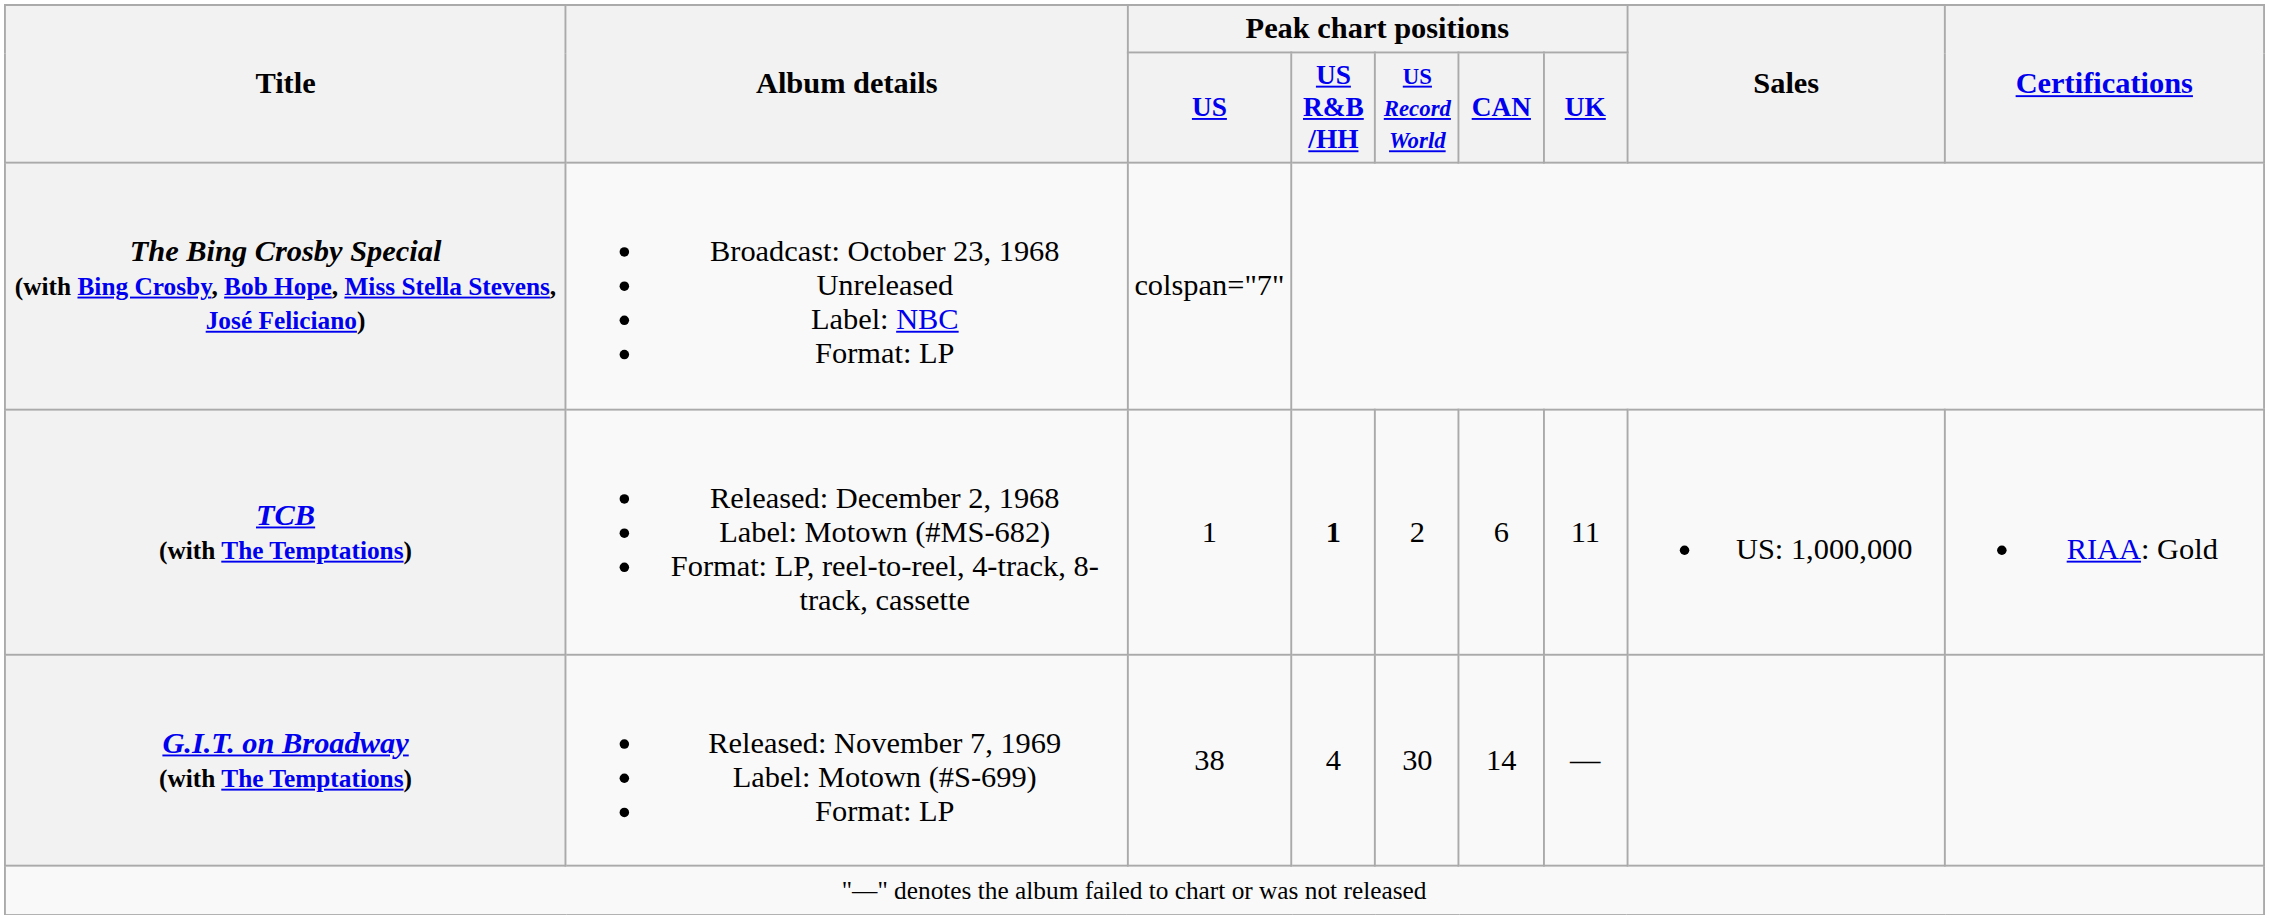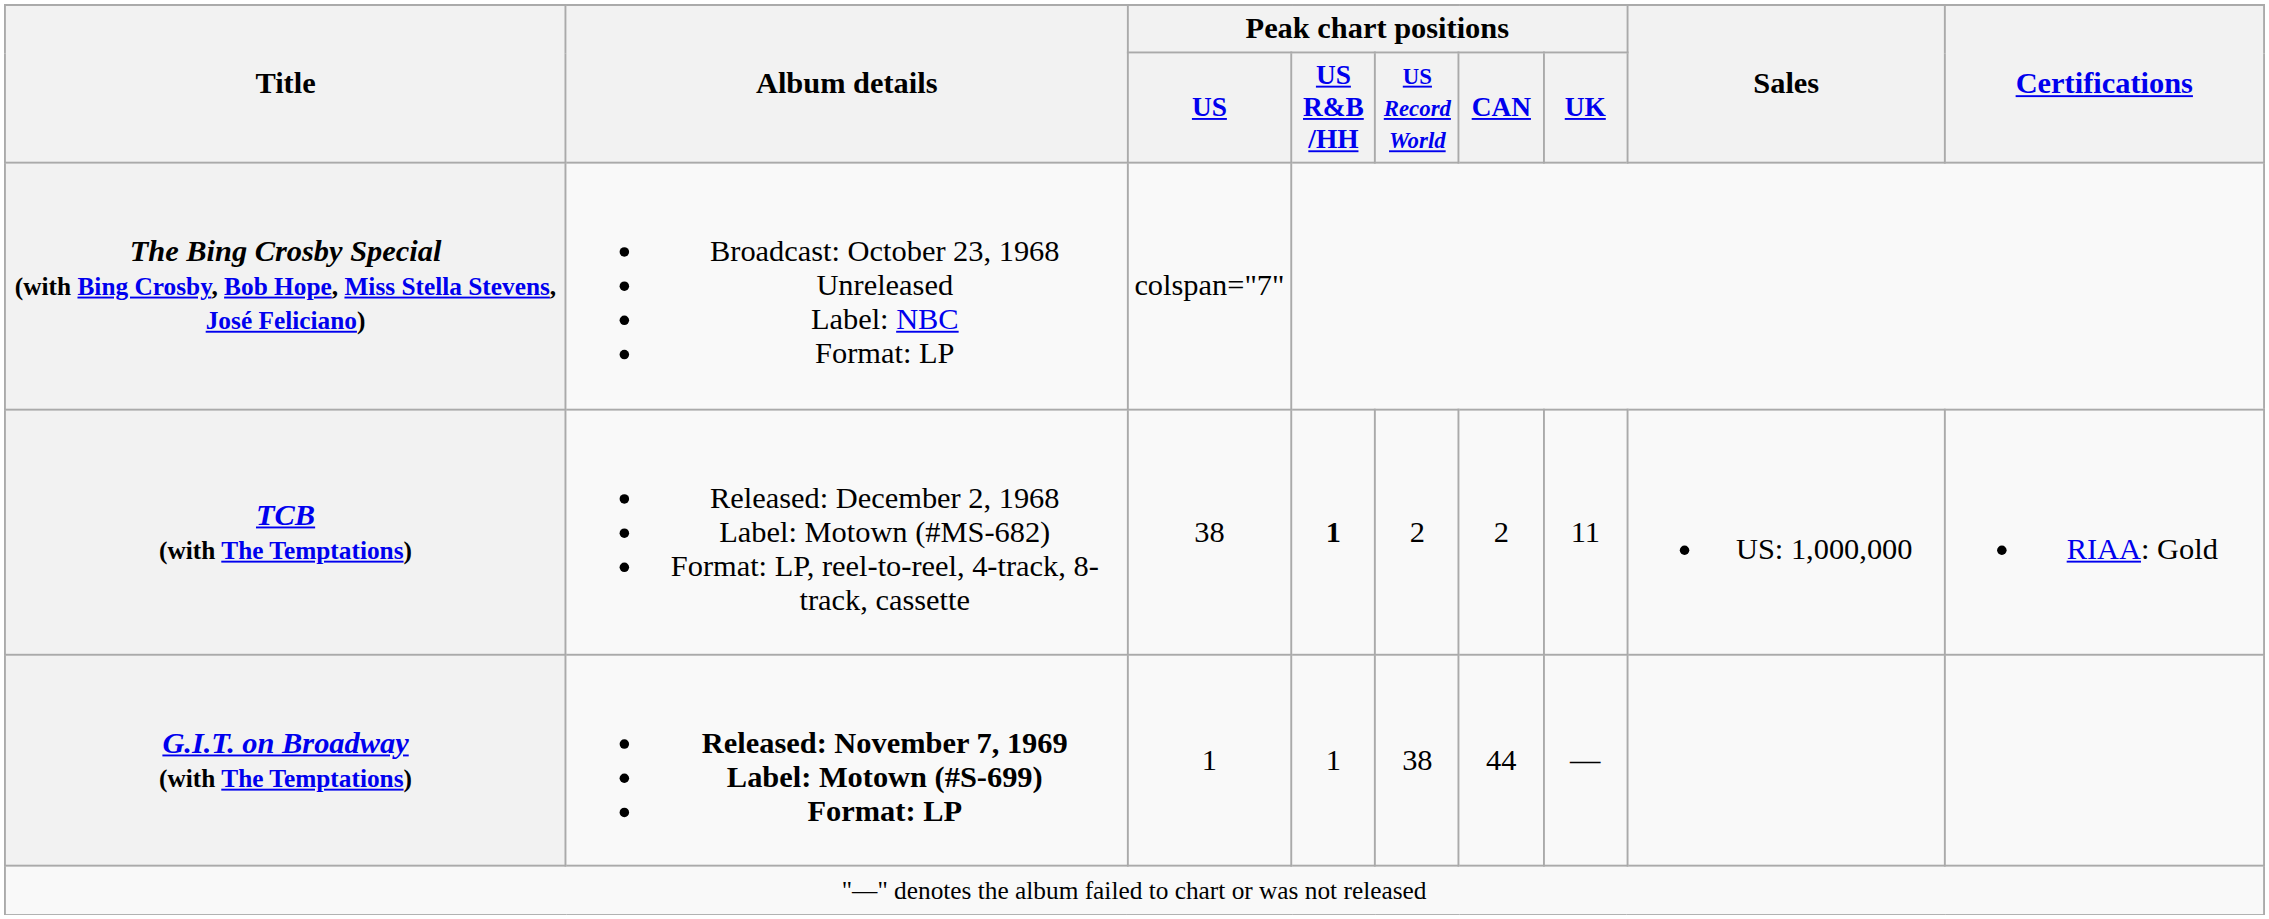 <table class="wikitable plainrowheaders" style="text-align:center;">
 <tr>
 </tr>
 <tr>
 <th scope="col" rowspan="2" style="width:18em;">Title</th>
 <th scope="col" rowspan="2" style="width:18em;">Album details</th>
 <th scope="col" colspan="5">Peak chart positions</th>
 <th rowspan="2" scope="col" style="width:10em;">Sales</th>
 <th scope="col" rowspan="2" style="width:10em;"><a href='#'>Certifications</a></th>
 </tr>
 <tr>
 <th scope="col" style="width:2.6em; font-size:90%;"><a href='#'>US</a><br></th>
 <th scope="col" style="width:2.6em; font-size:90%;"><a href='#'>US<br>R&B<br>/HH</a><br></th>
 <th scope="col" style="width:2.6em; font-size:90%;"><small><a href='#'>US<br><em>Record World</em></a></small><br></th>
 <th scope="col" style="width:2.6em; font-size:90%;"><a href='#'>CAN</a><br></th>
 <th scope="col" style="width:2.6em; font-size:90%;"><a href='#'>UK</a><br></th>
 </tr>
 <tr>
 <th scope="row"><em>The Bing Crosby Special</em><br><small>(with <a href='#'>Bing Crosby</a>, <a href='#'>Bob Hope</a>, <a href='#'>Miss Stella Stevens</a>, <a href='#'>José Feliciano</a>)</small></th>
 <td><br><ul><li>Broadcast: October 23, 1968</li><li>Unreleased</li><li>Label: <a href='#'>NBC</a></li><li>Format: LP</li></ul></td>
 <td>colspan="7" </td>
 </tr>
 <tr>
 <th scope="row"><em><a href='#'>TCB</a></em><br><small>(with <a href='#'>The Temptations</a>)</small></th>
 <td><br><ul><li>Released: December 2, 1968</li><li>Label: Motown (#MS-682)</li><li>Format: LP, reel-to-reel, 4-track, 8-track, cassette</li></ul></td>
-<td style="text-align:center;">1</td>
+<td style="text-align:center;">38</td>
 <td style="text-align:center;"><strong>1</strong></td>
 <td style="text-align:center;">2</td>
-<td style="text-align:center;">6</td>
+<td style="text-align:center;">2</td>
 <td style="text-align:center;">11</td>
 <td><br><ul><li>US: 1,000,000</li></ul></td>
 <td><br><ul><li><a href='#'>RIAA</a>: Gold</li></ul></td>
 </tr>
 <tr>
 <th scope="row"><em><a href='#'>G.I.T. on Broadway</a></em><br><small>(with <a href='#'>The Temptations</a>)</small></th>
-<td><br><ul><li>Released: November 7, 1969</li><li>Label: Motown (#S-699)</li><li>Format: LP</li></ul></td>
+<td><strong><br><ul><li>Released: November 7, 1969</li><li>Label: Motown (#S-699)</li><li>Format: LP</li></ul></strong></td>
+<td style="text-align:center;">1</td>
+<td style="text-align:center;">1</td>
 <td style="text-align:center;">38</td>
-<td style="text-align:center;">4</td>
-<td style="text-align:center;">30</td>
-<td style="text-align:center;">14</td>
+<td style="text-align:center;">44</td>
 <td style="text-align:center;">—</td>
 <td></td>
 <td></td>
 </tr>
 <tr>
 <td colspan="9"><small>"—" denotes the album failed to chart or was not released</small></td>
 </tr>
 </table>
